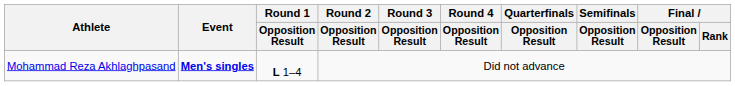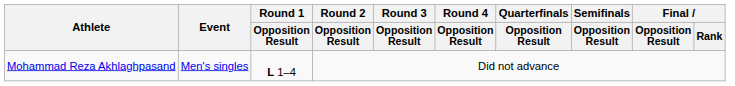 <table class="wikitable" style="font-size:90%">
 <tr>
 <th rowspan="2">Athlete</th>
 <th rowspan="2">Event</th>
 <th>Round 1</th>
 <th>Round 2</th>
 <th>Round 3</th>
 <th>Round 4</th>
 <th>Quarterfinals</th>
 <th>Semifinals</th>
 <th colspan=2>Final / </th>
 </tr>
 <tr style="font-size:95%">
 <th>Opposition<br>Result</th>
 <th>Opposition<br>Result</th>
 <th>Opposition<br>Result</th>
 <th>Opposition<br>Result</th>
 <th>Opposition<br>Result</th>
 <th>Opposition<br>Result</th>
 <th>Opposition<br>Result</th>
 <th>Rank</th>
 </tr>
 <tr align=center>
 <td align=left><a href='#'>Mohammad Reza Akhlaghpasand</a></td>
-<td align=left><strong><a href='#'>Men's singles</a></strong></td>
+<td align=left><a href='#'>Men's singles</a></td>
 <td><br><strong>L</strong> 1–4</td>
 <td colspan=7>Did not advance</td>
 </tr>
 </table>
